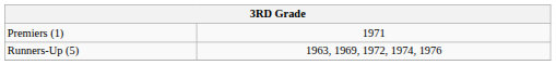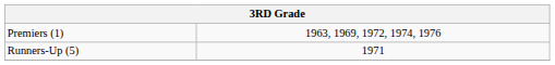 <table class="wikitable" width="55%" style="font-size:90%">
 <tr style="background:#efefef">
 <th colspan=11>3RD Grade</th>
 </tr>
 <tr>
 <td>Premiers (1)</td>
-<td align="center">1971</td>
+<td align="center">1963, 1969, 1972, 1974, 1976</td>
 </tr>
 <tr>
 <td>Runners-Up (5)</td>
-<td align="center">1963, 1969, 1972, 1974, 1976</td>
+<td align="center">1971</td>
 </tr>
 <tr>
 </tr>
 </table>
